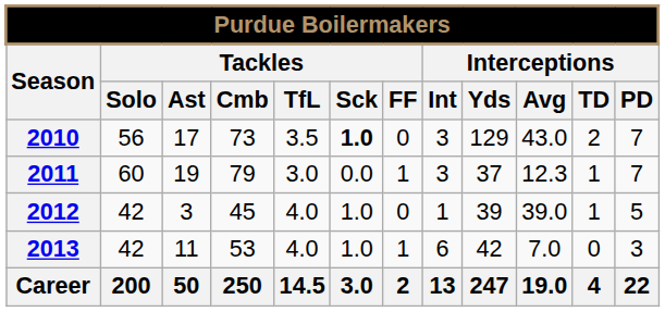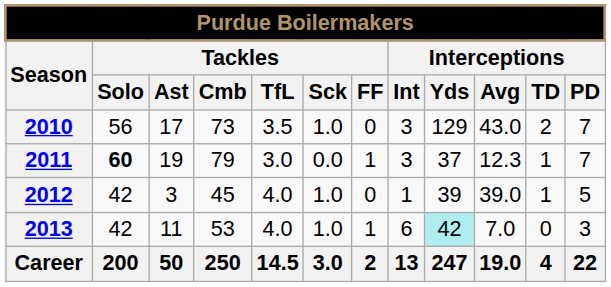 <table class=wikitable style="text-align:center;">
 <tr>
 </tr>
 <tr>
 <th colspan=15 style="background: #000000; border: 2px solid #B1946C; color:#B1946C;">Purdue Boilermakers</th>
 </tr>
 <tr>
 <th rowspan="2">Season</th>
 <th colspan="6">Tackles</th>
 <th colspan="5">Interceptions</th>
 </tr>
 <tr>
 <th>Solo</th>
 <th>Ast</th>
 <th>Cmb</th>
 <th>TfL</th>
 <th>Sck</th>
 <th>FF</th>
 <th>Int</th>
 <th>Yds</th>
 <th>Avg</th>
 <th>TD</th>
 <th>PD</th>
 </tr>
 <tr>
 <th><a href='#'>2010</a></th>
 <td>56</td>
 <td>17</td>
 <td>73</td>
 <td>3.5</td>
-<td><strong>1.0</strong></td>
+<td>1.0</td>
 <td>0</td>
 <td>3</td>
 <td>129</td>
 <td>43.0</td>
 <td>2</td>
 <td>7</td>
 </tr>
 <tr>
 <th><a href='#'>2011</a></th>
-<td>60</td>
+<td><strong>60</strong></td>
 <td>19</td>
 <td>79</td>
 <td>3.0</td>
 <td>0.0</td>
 <td>1</td>
 <td>3</td>
 <td>37</td>
 <td>12.3</td>
 <td>1</td>
 <td>7</td>
 </tr>
 <tr>
 <th><a href='#'>2012</a></th>
 <td>42</td>
 <td>3</td>
 <td>45</td>
 <td>4.0</td>
 <td>1.0</td>
 <td>0</td>
 <td>1</td>
 <td>39</td>
 <td>39.0</td>
 <td>1</td>
 <td>5</td>
 </tr>
 <tr>
 <th><a href='#'>2013</a></th>
 <td>42</td>
 <td>11</td>
 <td>53</td>
 <td>4.0</td>
 <td>1.0</td>
 <td>1</td>
 <td>6</td>
-<td>42</td>
+<td style="background: paleturquoise;">42</td>
 <td>7.0</td>
 <td>0</td>
 <td>3</td>
 </tr>
 <tr>
 <th>Career</th>
 <th>200</th>
 <th>50</th>
 <th>250</th>
 <th>14.5</th>
 <th>3.0</th>
 <th>2</th>
 <th>13</th>
 <th>247</th>
 <th>19.0</th>
 <th>4</th>
 <th>22</th>
 </tr>
 </table>
